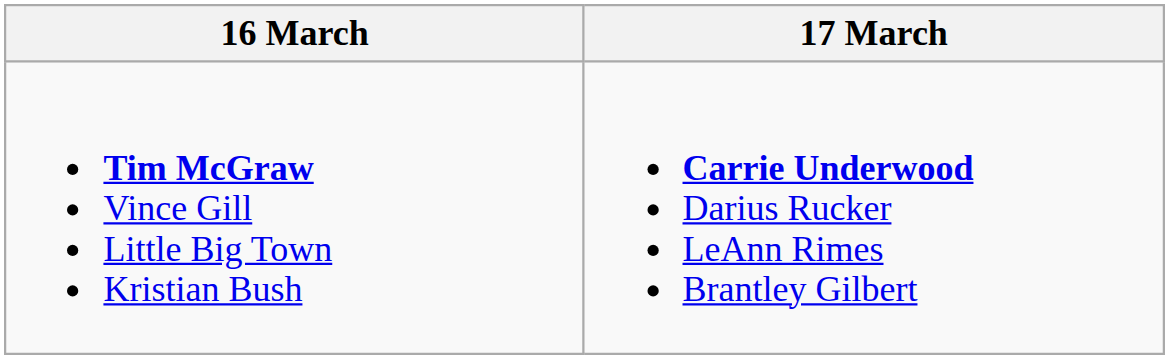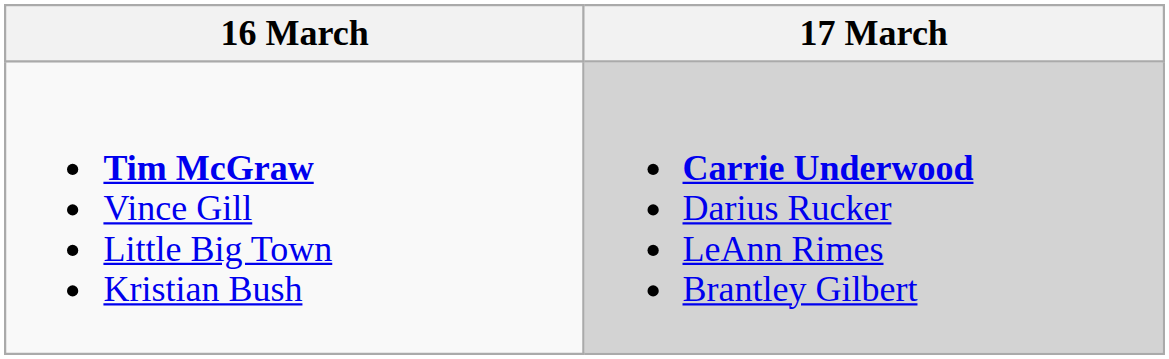 <table class="wikitable">
 <tr>
 <th scope="col" style="width: 250px;">16 March</th>
 <th scope="col" style="width: 250px;">17 March</th>
 </tr>
 <tr>
 <td><br><ul><li><strong><a href='#'>Tim McGraw</a></strong></li><li><a href='#'>Vince Gill</a></li><li><a href='#'>Little Big Town</a></li><li><a href='#'>Kristian Bush</a></li></ul></td>
-<td><br><ul><li><strong><a href='#'>Carrie Underwood</a></strong></li><li><a href='#'>Darius Rucker</a></li><li><a href='#'>LeAnn Rimes</a></li><li><a href='#'>Brantley Gilbert</a></li></ul></td>
+<td style="background: lightgrey;"><br><ul><li><strong><a href='#'>Carrie Underwood</a></strong></li><li><a href='#'>Darius Rucker</a></li><li><a href='#'>LeAnn Rimes</a></li><li><a href='#'>Brantley Gilbert</a></li></ul></td>
 </tr>
 </table>
